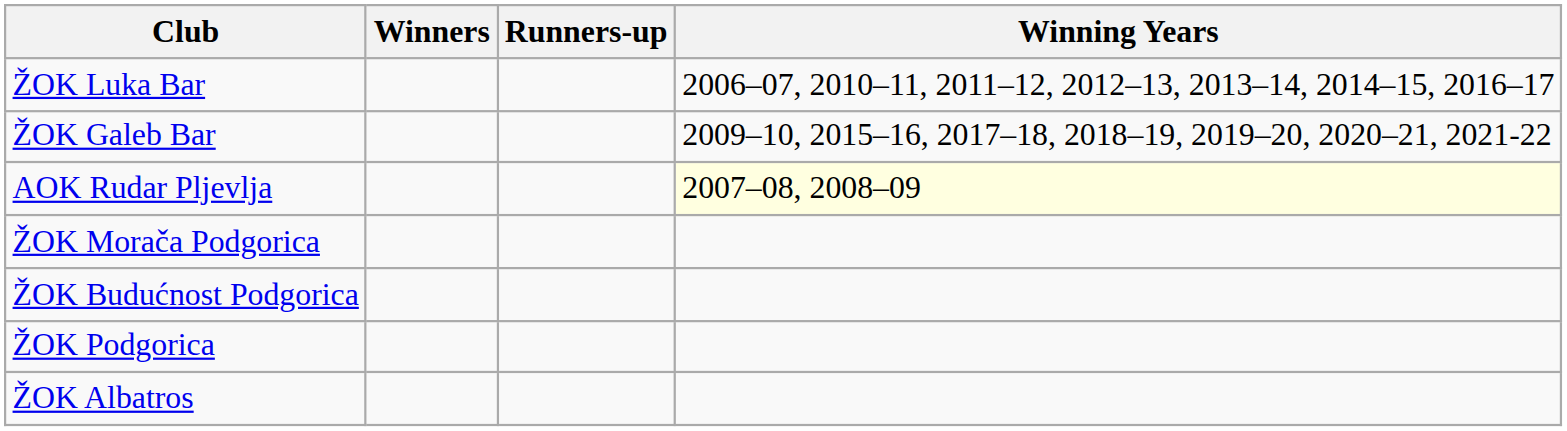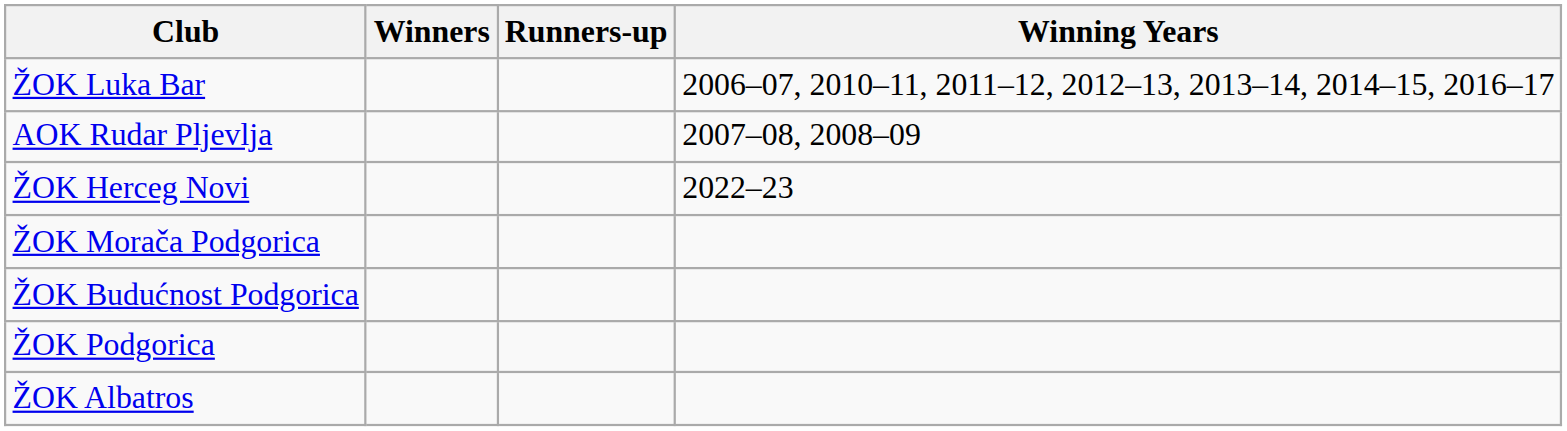 <table class="wikitable" style="font-size:90%">
 <tr>
 <th>Club</th>
 <th>Winners</th>
 <th>Runners-up</th>
 <th>Winning Years</th>
 </tr>
 <tr>
 <td><a href='#'>ŽOK Luka Bar</a></td>
 <td></td>
 <td></td>
 <td>2006–07, 2010–11, 2011–12, 2012–13, 2013–14, 2014–15, 2016–17</td>
 </tr>
 <tr>
-<td><a href='#'>ŽOK Galeb Bar</a></td>
-<td></td>
-<td></td>
-<td>2009–10, 2015–16, 2017–18, 2018–19, 2019–20, 2020–21, 2021-22</td>
-</tr>
-<tr>
 <td><a href='#'>AOK Rudar Pljevlja</a></td>
 <td></td>
 <td></td>
-<td style="background: lightyellow;">2007–08, 2008–09</td>
+<td>2007–08, 2008–09</td>
+</tr>
+<tr>
+<td><a href='#'>ŽOK Herceg Novi</a></td>
+<td></td>
+<td></td>
+<td>2022–23</td>
 </tr>
 <tr>
 <td><a href='#'>ŽOK Morača Podgorica</a></td>
 <td></td>
 <td></td>
 <td></td>
 </tr>
 <tr>
 <td><a href='#'>ŽOK Budućnost Podgorica</a></td>
 <td></td>
 <td></td>
 <td></td>
 </tr>
 <tr>
 <td><a href='#'>ŽOK Podgorica</a></td>
 <td></td>
 <td></td>
 <td></td>
 </tr>
 <tr>
 <td><a href='#'>ŽOK Albatros</a></td>
 <td></td>
 <td></td>
 </tr>
 </table>
